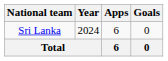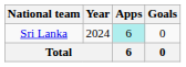 <table class="wikitable" style="text-align:center">
 <tr>
 <th>National team</th>
 <th>Year</th>
 <th>Apps</th>
 <th>Goals</th>
 </tr>
 <tr>
 <td><a href='#'>Sri Lanka</a></td>
 <td>2024</td>
-<td>6</td>
+<td style="background: paleturquoise;">6</td>
 <td>0</td>
 </tr>
 <tr>
 <th colspan="2">Total</th>
 <th>6</th>
 <th>0</th>
 </tr>
 </table>
